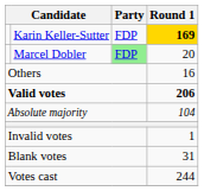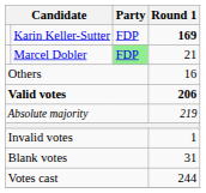 <table class="wikitable" style="text-align:right;">
 <tr>
 <th colspan=2>Candidate</th>
 <th>Party</th>
 <th>Round 1</th>
 </tr>
 <tr>
 <td style="background-color:"></td>
 <td style="text-align:left;"><a href='#'>Karin Keller-Sutter</a></td>
 <td style="text-align:left;"><a href='#'>FDP</a></td>
-<td style="background: gold;"><strong>169</strong></td>
+<td><strong>169</strong></td>
 </tr>
 <tr>
 <td style="background-color:"></td>
 <td style="text-align:left;"><a href='#'>Marcel Dobler</a></td>
 <td style="background: lightgreen; text-align:left;"><a href='#'>FDP</a></td>
-<td>20</td>
+<td>21</td>
 </tr>
 <tr>
 <td colspan=3 style="text-align:left;">Others</td>
 <td>16</td>
 </tr>
 <tr style="font-weight:bold;">
 <td colspan=3 style="text-align:left;">Valid votes</td>
 <td>206</td>
 </tr>
 <tr style="font-style:italic; font-size:90%;">
 <td colspan=3 style="text-align:left;">Absolute majority</td>
-<td>104</td>
+<td>219</td>
 </tr>
 <tr>
 <th colspan=10></th>
 </tr>
 <tr>
 <td colspan=3 style="text-align:left;">Invalid votes</td>
 <td>1</td>
 </tr>
 <tr>
 <td colspan=3 style="text-align:left;">Blank votes</td>
 <td>31</td>
 </tr>
 <tr>
 <td colspan=3 style="text-align:left;">Votes cast</td>
 <td>244</td>
 </tr>
 <tr>
 </tr>
 </table>
